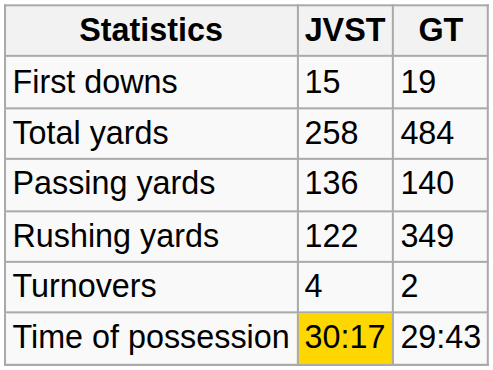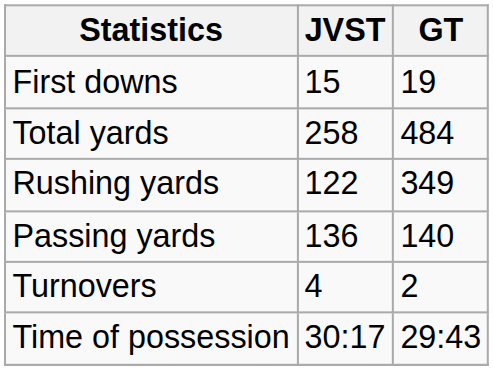 <table class="wikitable" style="float: left;">
 <tr>
 <th>Statistics</th>
 <th>JVST</th>
 <th>GT</th>
 </tr>
 <tr>
 <td>First downs</td>
 <td>15</td>
 <td>19</td>
 </tr>
 <tr>
 <td>Total yards</td>
 <td>258</td>
 <td>484</td>
 </tr>
 <tr>
+<td>Rushing yards</td>
+<td>122</td>
+<td>349</td>
+</tr>
+<tr>
 <td>Passing yards</td>
 <td>136</td>
 <td>140</td>
-</tr>
-<tr>
-<td>Rushing yards</td>
-<td>122</td>
-<td>349</td>
 </tr>
 <tr>
 <td>Turnovers</td>
 <td>4</td>
 <td>2</td>
 </tr>
 <tr>
 <td>Time of possession</td>
-<td style="background: gold;">30:17</td>
+<td>30:17</td>
 <td>29:43</td>
 </tr>
 <tr>
 </tr>
 </table>
